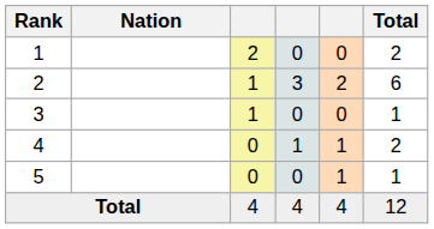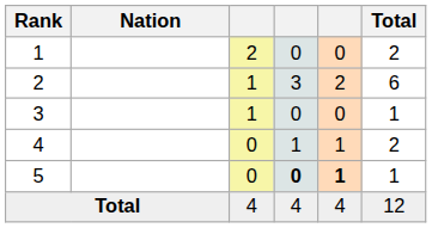 <table class=wikitable width=35% cellspacing="1" cellpadding="3" style="border:1px solid #AAAAAA;font-size:90%">
 <tr bgcolor="#EFEFEF">
 <th width=50>Rank</th>
 <th width=200>Nation</th>
 <th width=50></th>
 <th width=50></th>
 <th width=50></th>
 <th width=50>Total</th>
 </tr>
 <tr align="center" valign="top" bgcolor="#FFFFFF">
 <td rowspan="1" valign="center">1</td>
 <td align="left"></td>
 <td style="background:#F7F6A8;">2</td>
 <td style="background:#DCE5E5;">0</td>
 <td style="background:#FFDAB9;">0</td>
 <td>2</td>
 </tr>
 <tr align="center" valign="top" bgcolor="#FFFFFF">
 <td rowspan="1" valign="center">2</td>
 <td align="left"></td>
 <td style="background:#F7F6A8;">1</td>
 <td style="background:#DCE5E5;">3</td>
 <td style="background:#FFDAB9;">2</td>
 <td>6</td>
 </tr>
 <tr align="center" valign="top" bgcolor="#FFFFFF">
 <td rowspan="1" valign="center">3</td>
 <td align="left"></td>
 <td style="background:#F7F6A8;">1</td>
 <td style="background:#DCE5E5;">0</td>
 <td style="background:#FFDAB9;">0</td>
 <td>1</td>
 </tr>
 <tr align="center" valign="top" bgcolor="#FFFFFF">
 <td rowspan="1" valign="center">4</td>
 <td align="left"></td>
 <td style="background:#F7F6A8;">0</td>
 <td style="background:#DCE5E5;">1</td>
 <td style="background:#FFDAB9;">1</td>
 <td>2</td>
 </tr>
 <tr align="center" valign="top" bgcolor="#FFFFFF">
 <td rowspan="1" valign="center">5</td>
 <td align="left"></td>
 <td style="background:#F7F6A8;">0</td>
-<td style="background:#DCE5E5;">0</td>
-<td style="background:#FFDAB9;">1</td>
+<td style="background:#DCE5E5;"><strong>0</strong></td>
+<td style="background:#FFDAB9;"><strong>1</strong></td>
 <td>1</td>
 </tr>
 <tr align="center" valign="top" bgcolor="#EFEFEF">
 <td colspan="2" rowspan="1" valign="center"><strong>Total</strong></td>
 <td>4</td>
 <td>4</td>
 <td>4</td>
 <td>12</td>
 </tr>
 </table>
